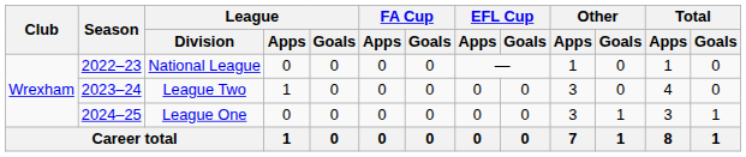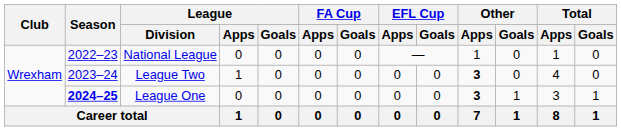 <table class="wikitable" style="text-align: center;">
 <tr>
 <th rowspan="2">Club</th>
 <th rowspan="2">Season</th>
 <th colspan="3">League</th>
 <th colspan="2"><a href='#'>FA Cup</a></th>
 <th colspan="2"><a href='#'>EFL Cup</a></th>
 <th colspan="2">Other</th>
 <th colspan="2">Total</th>
 </tr>
 <tr>
 <th>Division</th>
 <th>Apps</th>
 <th>Goals</th>
 <th>Apps</th>
 <th>Goals</th>
 <th>Apps</th>
 <th>Goals</th>
 <th>Apps</th>
 <th>Goals</th>
 <th>Apps</th>
 <th>Goals</th>
 </tr>
 <tr>
 <td rowspan="3"><a href='#'>Wrexham</a></td>
 <td><a href='#'>2022–23</a></td>
 <td><a href='#'>National League</a></td>
 <td>0</td>
 <td>0</td>
 <td>0</td>
 <td>0</td>
 <td colspan="2">—</td>
 <td>1</td>
 <td>0</td>
 <td>1</td>
 <td>0</td>
 </tr>
 <tr>
 <td><a href='#'>2023–24</a></td>
 <td><a href='#'>League Two</a></td>
 <td>1</td>
 <td>0</td>
 <td>0</td>
 <td>0</td>
 <td>0</td>
 <td>0</td>
-<td>3</td>
+<td><strong>3</strong></td>
 <td>0</td>
 <td>4</td>
 <td>0</td>
 </tr>
 <tr>
-<td><a href='#'>2024–25</a></td>
+<td><strong><a href='#'>2024–25</a></strong></td>
 <td><a href='#'>League One</a></td>
 <td>0</td>
 <td>0</td>
 <td>0</td>
 <td>0</td>
 <td>0</td>
 <td>0</td>
-<td>3</td>
+<td><strong>3</strong></td>
 <td>1</td>
 <td>3</td>
 <td>1</td>
 </tr>
 <tr>
 <th colspan="3">Career total</th>
 <th>1</th>
 <th>0</th>
 <th>0</th>
 <th>0</th>
 <th>0</th>
 <th>0</th>
 <th>7</th>
 <th>1</th>
 <th>8</th>
 <th>1</th>
 </tr>
 </table>
